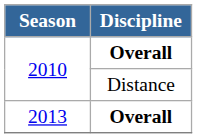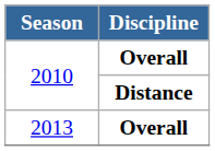 <table class="wikitable" style="font-size:95%; text-align:center; border:grey solid 1px; border-collapse:collapse; background:#ffffff;">
 <tr>
 <th style="background-color:#369; color:white; width:60px;"> Season </th>
 <th style="background-color:#369; color:white; width:40px;"> Discipline </th>
 </tr>
 <tr>
 <td rowspan="2"><a href='#'>2010</a></td>
 <td><strong>Overall</strong></td>
 </tr>
 <tr>
-<td>Distance</td>
+<td><strong>Distance</strong></td>
 </tr>
 <tr>
 <td><a href='#'>2013</a></td>
 <td><strong>Overall</strong></td>
 </tr>
 <tr>
 </tr>
 </table>
